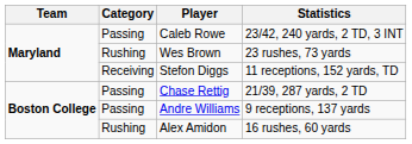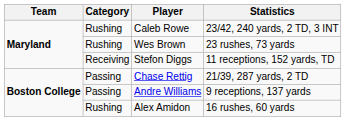 <table class="wikitable" style="float: left;">
 <tr>
 <th>Team</th>
 <th>Category</th>
 <th>Player</th>
 <th>Statistics</th>
 </tr>
 <tr>
 <td rowspan=3><strong>Maryland</strong></td>
-<td>Passing</td>
+<td>Rushing</td>
 <td>Caleb Rowe</td>
 <td>23/42, 240 yards, 2 TD, 3 INT</td>
 </tr>
 <tr>
 <td>Rushing</td>
 <td>Wes Brown</td>
 <td>23 rushes, 73 yards</td>
 </tr>
 <tr>
 <td>Receiving</td>
 <td>Stefon Diggs</td>
 <td>11 receptions, 152 yards, TD</td>
 </tr>
 <tr>
 <td rowspan=3><strong>Boston College</strong></td>
 <td>Passing</td>
 <td><a href='#'>Chase Rettig</a></td>
 <td>21/39, 287 yards, 2 TD</td>
 </tr>
 <tr>
 <td>Passing</td>
 <td><a href='#'>Andre Williams</a></td>
 <td>9 receptions, 137 yards</td>
 </tr>
 <tr>
 <td>Rushing</td>
 <td>Alex Amidon</td>
 <td>16 rushes, 60 yards</td>
 </tr>
 </table>
